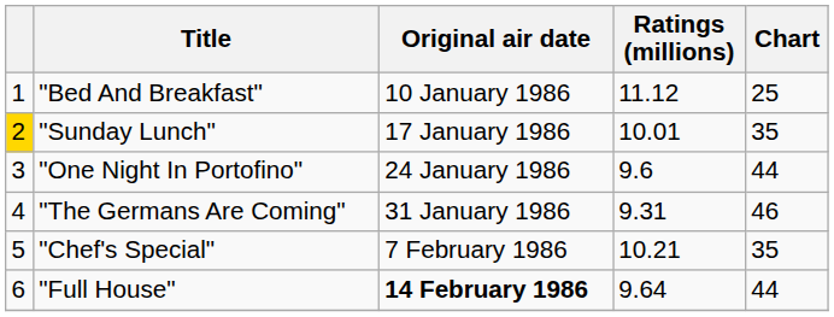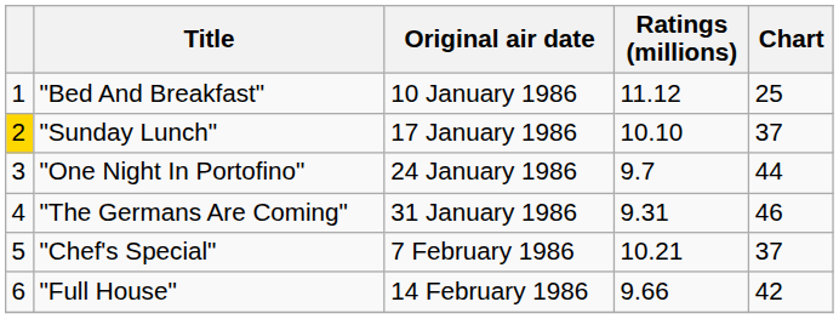 <table class="wikitable sortable" style="width:60%;">
 <tr>
 <th></th>
 <th>Title</th>
 <th>Original air date</th>
 <th>Ratings<br>(millions)</th>
 <th>Chart</th>
 </tr>
 <tr>
 <td>1</td>
 <td>"Bed And Breakfast"</td>
 <td>10 January 1986</td>
 <td>11.12</td>
 <td>25</td>
 </tr>
 <tr>
 <td style="background: gold;">2</td>
 <td>"Sunday Lunch"</td>
 <td>17 January 1986</td>
-<td>10.01</td>
-<td>35</td>
+<td>10.10</td>
+<td>37</td>
 </tr>
 <tr>
 <td>3</td>
 <td>"One Night In Portofino"</td>
 <td>24 January 1986</td>
-<td>9.6</td>
+<td>9.7</td>
 <td>44</td>
 </tr>
 <tr>
 <td>4</td>
 <td>"The Germans Are Coming"</td>
 <td>31 January 1986</td>
 <td>9.31</td>
 <td>46</td>
 </tr>
 <tr>
 <td>5</td>
 <td>"Chef's Special"</td>
 <td>7 February 1986</td>
 <td>10.21</td>
-<td>35</td>
+<td>37</td>
 </tr>
 <tr>
 <td>6</td>
 <td>"Full House"</td>
-<td><strong>14 February 1986</strong></td>
-<td>9.64</td>
-<td>44</td>
+<td>14 February 1986</td>
+<td>9.66</td>
+<td>42</td>
 </tr>
 <tr>
 </tr>
 </table>
